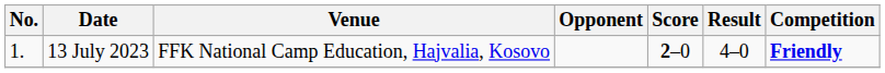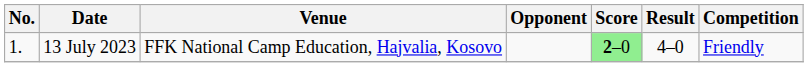 <table class="wikitable">
 <tr>
 <th>No.</th>
 <th>Date</th>
 <th>Venue</th>
 <th>Opponent</th>
 <th>Score</th>
 <th>Result</th>
 <th>Competition</th>
 </tr>
 <tr>
 <td>1.</td>
 <td>13 July 2023</td>
 <td>FFK National Camp Education, <a href='#'>Hajvalia</a>, <a href='#'>Kosovo</a></td>
 <td></td>
-<td align=center><strong>2</strong>–0</td>
+<td align=center style="background: lightgreen;"><strong>2</strong>–0</td>
 <td align=center>4–0</td>
-<td><strong><a href='#'>Friendly</a></strong></td>
+<td><a href='#'>Friendly</a></td>
 </tr>
 <tr>
 </tr>
 </table>
